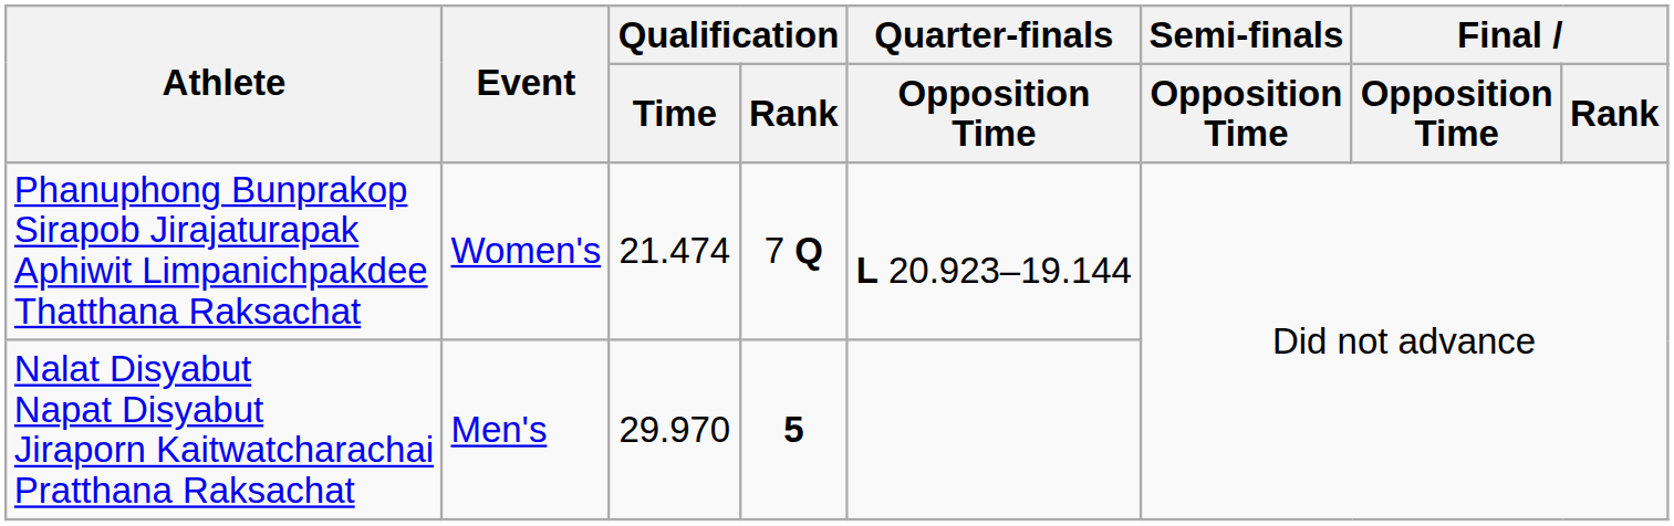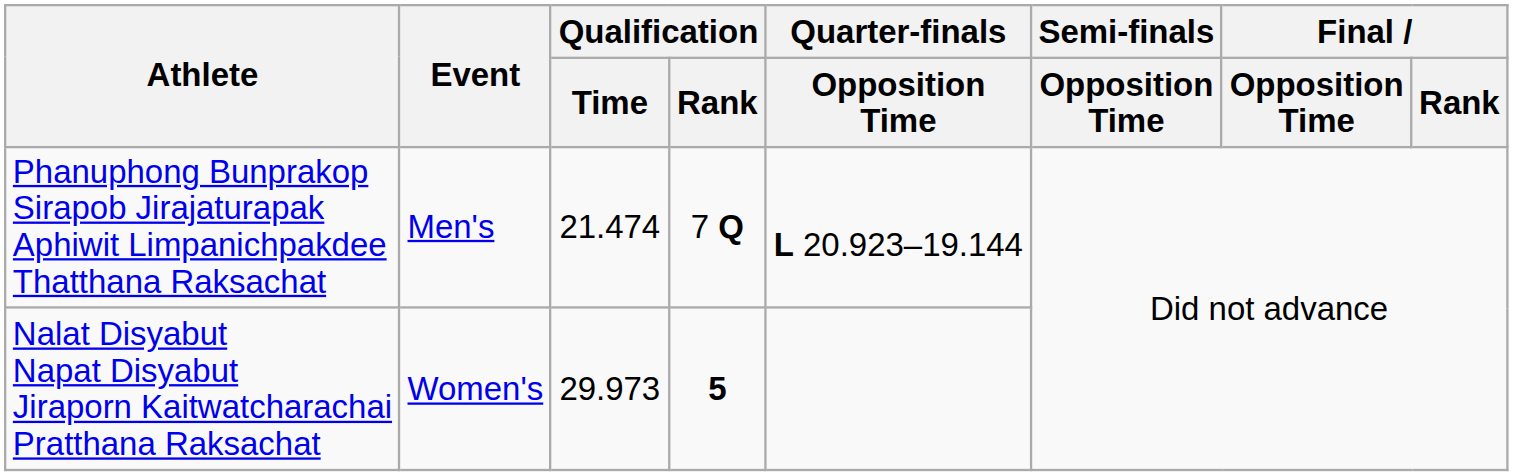 <table class=wikitable style="text-align:center; font-size:90%">
 <tr>
 <th rowspan="2">Athlete</th>
 <th rowspan="2">Event</th>
 <th colspan="2">Qualification</th>
 <th>Quarter-finals</th>
 <th>Semi-finals</th>
 <th colspan="2">Final / </th>
 </tr>
 <tr>
 <th>Time</th>
 <th>Rank</th>
 <th>Opposition<br>Time</th>
 <th>Opposition<br>Time</th>
 <th>Opposition<br>Time</th>
 <th>Rank</th>
 </tr>
 <tr>
 <td align="left"><a href='#'>Phanuphong Bunprakop</a><br><a href='#'>Sirapob Jirajaturapak</a><br><a href='#'>Aphiwit Limpanichpakdee</a><br><a href='#'>Thatthana Raksachat</a></td>
-<td align="left"><a href='#'>Women's</a></td>
+<td align="left"><a href='#'>Men's</a></td>
 <td>21.474</td>
 <td>7 <strong>Q</strong></td>
 <td><br><strong>L</strong> 20.923–19.144</td>
 <td rowspan=2 colspan=3>Did not advance</td>
 </tr>
 <tr>
 <td align="left"><a href='#'>Nalat Disyabut</a><br><a href='#'>Napat Disyabut</a><br><a href='#'>Jiraporn Kaitwatcharachai</a><br><a href='#'>Pratthana Raksachat</a></td>
-<td align="left"><a href='#'>Men's</a></td>
-<td>29.970</td>
+<td align="left"><a href='#'>Women's</a></td>
+<td>29.973</td>
 <td><strong>5</strong></td>
 <td></td>
 </tr>
 </table>
